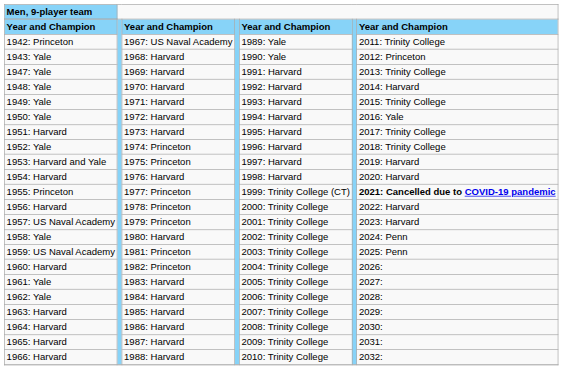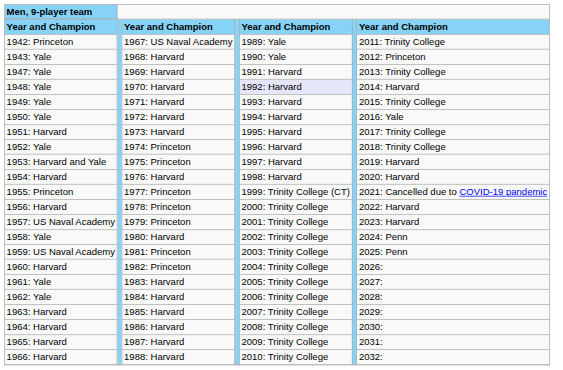 <table class="wikitable" style="font-size:85%;">
 <tr ! style="background-color: #87D3F8;">
 <td><strong>Men, 9-player team</strong></td>
 </tr>
 <tr --->
 </tr>
 <tr ! style="background-color: #87D3F8;">
 <td><strong>Year and Champion</strong></td>
 <td rowspan=23></td>
 <td><strong>Year and Champion</strong></td>
 <td rowspan=23></td>
 <td><strong>Year and Champion</strong></td>
 <td rowspan=23></td>
 <td><strong>Year and Champion</strong></td>
 </tr>
 <tr --->
 <td>1942: Princeton</td>
 <td>1967: US Naval Academy</td>
 <td>1989: Yale</td>
 <td>2011: Trinity College</td>
 </tr>
 <tr --->
 <td>1943: Yale</td>
 <td>1968: Harvard</td>
 <td>1990: Yale</td>
 <td>2012: Princeton</td>
 </tr>
 <tr --->
 <td>1947: Yale</td>
 <td>1969: Harvard</td>
 <td>1991: Harvard</td>
 <td>2013: Trinity College</td>
 </tr>
 <tr --->
 <td>1948: Yale</td>
 <td>1970: Harvard</td>
-<td>1992: Harvard</td>
+<td style="background: lavender;">1992: Harvard</td>
 <td>2014: Harvard</td>
 </tr>
 <tr --->
 <td>1949: Yale</td>
 <td>1971: Harvard</td>
 <td>1993: Harvard</td>
 <td>2015: Trinity College</td>
 </tr>
 <tr --->
 <td>1950: Yale</td>
 <td>1972: Harvard</td>
 <td>1994: Harvard</td>
 <td>2016: Yale</td>
 </tr>
 <tr --->
 <td>1951: Harvard</td>
 <td>1973: Harvard</td>
 <td>1995: Harvard</td>
 <td>2017: Trinity College</td>
 </tr>
 <tr --->
 <td>1952: Yale</td>
 <td>1974: Princeton</td>
 <td>1996: Harvard</td>
 <td>2018: Trinity College</td>
 </tr>
 <tr --->
 <td>1953: Harvard and Yale</td>
 <td>1975: Princeton</td>
 <td>1997: Harvard</td>
 <td>2019: Harvard</td>
 </tr>
 <tr --->
 <td>1954: Harvard</td>
 <td>1976: Harvard</td>
 <td>1998: Harvard</td>
 <td>2020: Harvard</td>
 </tr>
 <tr --->
 <td>1955: Princeton</td>
 <td>1977: Princeton</td>
 <td>1999: Trinity College (CT)</td>
-<td><strong>2021: Cancelled due to <a href='#'>COVID-19 pandemic</a></strong></td>
+<td>2021: Cancelled due to <a href='#'>COVID-19 pandemic</a></td>
 </tr>
 <tr --->
 <td>1956: Harvard</td>
 <td>1978: Princeton</td>
 <td>2000: Trinity College</td>
 <td>2022: Harvard</td>
 </tr>
 <tr --->
 <td>1957: US Naval Academy</td>
 <td>1979: Princeton</td>
 <td>2001: Trinity College</td>
 <td>2023: Harvard</td>
 </tr>
 <tr --->
 <td>1958: Yale</td>
 <td>1980: Harvard</td>
 <td>2002: Trinity College</td>
 <td>2024: Penn</td>
 </tr>
 <tr --->
 <td>1959: US Naval Academy</td>
 <td>1981: Princeton</td>
 <td>2003: Trinity College</td>
 <td>2025: Penn</td>
 </tr>
 <tr --->
 <td>1960: Harvard</td>
 <td>1982: Princeton</td>
 <td>2004: Trinity College</td>
 <td>2026:</td>
 </tr>
 <tr --->
 <td>1961: Yale</td>
 <td>1983: Harvard</td>
 <td>2005: Trinity College</td>
 <td>2027:</td>
 </tr>
 <tr --->
 <td>1962: Yale</td>
 <td>1984: Harvard</td>
 <td>2006: Trinity College</td>
 <td>2028:</td>
 </tr>
 <tr --->
 <td>1963: Harvard</td>
 <td>1985: Harvard</td>
 <td>2007: Trinity College</td>
 <td>2029:</td>
 </tr>
 <tr --->
 <td>1964: Harvard</td>
 <td>1986: Harvard</td>
 <td>2008: Trinity College</td>
 <td>2030:</td>
 </tr>
 <tr --->
 <td>1965: Harvard</td>
 <td>1987: Harvard</td>
 <td>2009: Trinity College</td>
 <td>2031:</td>
 </tr>
 <tr --->
 <td>1966: Harvard</td>
 <td>1988: Harvard</td>
 <td>2010: Trinity College</td>
 <td>2032:</td>
 </tr>
 <tr --->
 </tr>
 </table>
